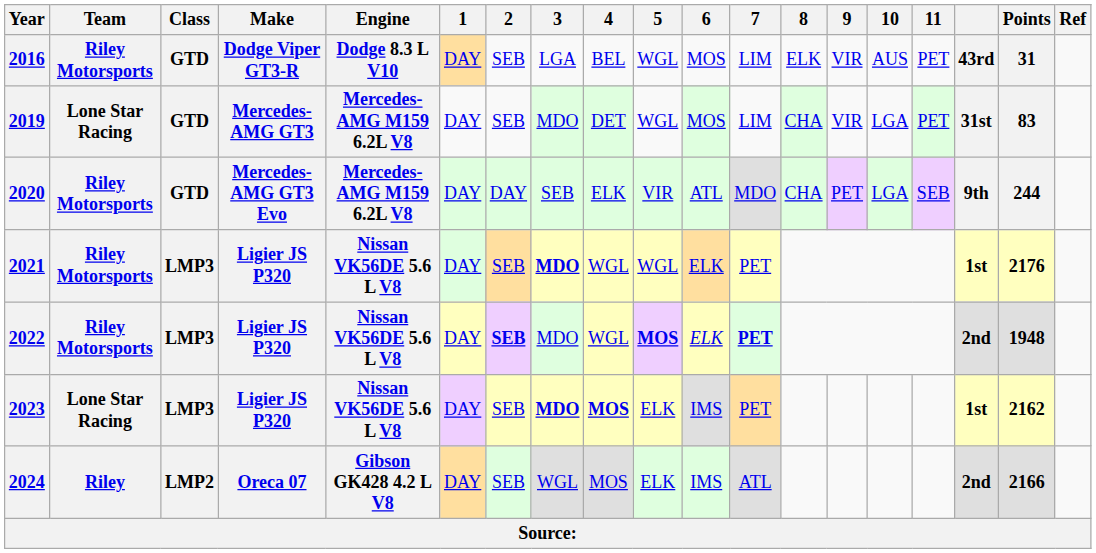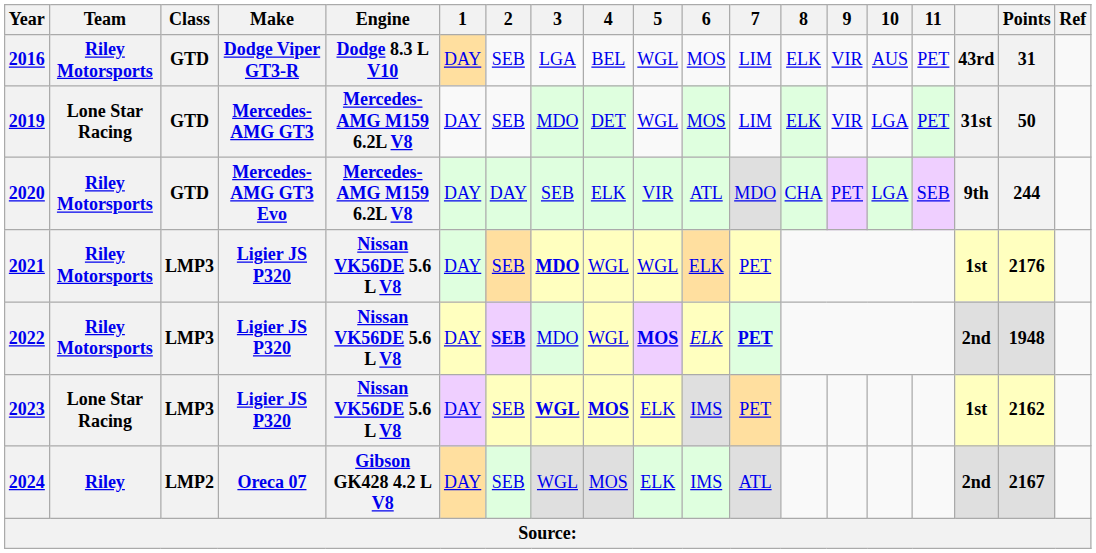 <table class="wikitable" style="text-align:center; font-size:90%">
 <tr>
 <th>Year</th>
 <th>Team</th>
 <th>Class</th>
 <th>Make</th>
 <th>Engine</th>
 <th>1</th>
 <th>2</th>
 <th>3</th>
 <th>4</th>
 <th>5</th>
 <th>6</th>
 <th>7</th>
 <th>8</th>
 <th>9</th>
 <th>10</th>
 <th>11</th>
 <th></th>
 <th>Points</th>
 <th>Ref</th>
 </tr>
 <tr>
 <th><a href='#'>2016</a></th>
 <th><a href='#'>Riley Motorsports</a></th>
 <th>GTD</th>
 <th><a href='#'>Dodge Viper GT3-R</a></th>
 <th><a href='#'>Dodge</a> 8.3 L <a href='#'>V10</a></th>
 <td style="background:#FFDF9F;"><a href='#'>DAY</a><br></td>
 <td style="background:#;"><a href='#'>SEB</a><br></td>
 <td style="background:#;"><a href='#'>LGA</a><br></td>
 <td style="background:#;"><a href='#'>BEL</a><br></td>
 <td style="background:#;"><a href='#'>WGL</a><br></td>
 <td style="background:#;"><a href='#'>MOS</a><br></td>
 <td style="background:#;"><a href='#'>LIM</a><br></td>
 <td style="background:#;"><a href='#'>ELK</a><br></td>
 <td style="background:#;"><a href='#'>VIR</a><br></td>
 <td style="background:#;"><a href='#'>AUS</a><br></td>
 <td style="background:#;"><a href='#'>PET</a><br></td>
 <th>43rd</th>
 <th>31</th>
 <td></td>
 </tr>
 <tr>
 <th><a href='#'>2019</a></th>
 <th>Lone Star Racing</th>
 <th>GTD</th>
 <th><a href='#'>Mercedes-AMG GT3</a></th>
 <th><a href='#'>Mercedes-AMG M159</a> 6.2L <a href='#'>V8</a></th>
 <td><a href='#'>DAY</a></td>
 <td><a href='#'>SEB</a></td>
 <td style="background:#DFFFDF;"><a href='#'>MDO</a><br></td>
 <td style="background:#DFFFDF;"><a href='#'>DET</a><br></td>
 <td><a href='#'>WGL</a></td>
 <td style="background:#DFFFDF;"><a href='#'>MOS</a><br></td>
 <td><a href='#'>LIM</a></td>
-<td style="background:#DFFFDF;"><a href='#'>CHA</a><br></td>
+<td style="background:#DFFFDF;"><a href='#'>ELK</a><br></td>
 <td><a href='#'>VIR</a></td>
 <td><a href='#'>LGA</a></td>
 <td style="background:#DFFFDF;"><a href='#'>PET</a><br></td>
 <th>31st</th>
-<th>83</th>
+<th>50</th>
 <td></td>
 </tr>
 <tr>
 <th><a href='#'>2020</a></th>
 <th><a href='#'>Riley Motorsports</a></th>
 <th>GTD</th>
 <th><a href='#'>Mercedes-AMG GT3 Evo</a></th>
 <th><a href='#'>Mercedes-AMG M159</a> 6.2L <a href='#'>V8</a></th>
 <td style="background:#DFFFDF;"><a href='#'>DAY</a><br></td>
 <td style="background:#DFFFDF;"><a href='#'>DAY</a><br></td>
 <td style="background:#DFFFDF;"><a href='#'>SEB</a><br></td>
 <td style="background:#DFFFDF;"><a href='#'>ELK</a><br></td>
 <td style="background:#DFFFDF;"><a href='#'>VIR</a><br></td>
 <td style="background:#DFFFDF;"><a href='#'>ATL</a><br></td>
 <td style="background:#DFDFDF;"><a href='#'>MDO</a><br></td>
 <td style="background:#DFFFDF;"><a href='#'>CHA</a><br></td>
 <td style="background:#EFCFFF;"><a href='#'>PET</a><br></td>
 <td style="background:#DFFFDF;"><a href='#'>LGA</a><br></td>
 <td style="background:#EFCFFF;"><a href='#'>SEB</a><br></td>
 <th>9th</th>
 <th>244</th>
 <td></td>
 </tr>
 <tr>
 <th><a href='#'>2021</a></th>
 <th><a href='#'>Riley Motorsports</a></th>
 <th>LMP3</th>
 <th><a href='#'>Ligier JS P320</a></th>
 <th><a href='#'>Nissan VK56DE</a> 5.6 L <a href='#'>V8</a></th>
 <td style="background:#DFFFDF;"><a href='#'>DAY</a><br></td>
 <td style="background:#FFDF9F;"><a href='#'>SEB</a><br></td>
 <td style="background:#FFFFBF;"><strong><a href='#'>MDO</a></strong><br></td>
 <td style="background:#FFFFBF;"><a href='#'>WGL</a><br></td>
 <td style="background:#FFFFBF;"><a href='#'>WGL</a><br></td>
 <td style="background:#FFDF9F;"><a href='#'>ELK</a><br></td>
 <td style="background:#FFFFBF;"><a href='#'>PET</a><br></td>
 <td colspan=4></td>
 <th style="background:#FFFFBF;">1st</th>
 <th style="background:#FFFFBF;">2176</th>
 <td></td>
 </tr>
 <tr>
 <th><a href='#'>2022</a></th>
 <th><a href='#'>Riley Motorsports</a></th>
 <th>LMP3</th>
 <th><a href='#'>Ligier JS P320</a></th>
 <th><a href='#'>Nissan VK56DE</a> 5.6 L <a href='#'>V8</a></th>
 <td style="background:#FFFFBF;"><a href='#'>DAY</a><br></td>
 <td style="background:#EFCFFF;"><strong><a href='#'>SEB</a></strong><br></td>
 <td style="background:#DFFFDF;"><a href='#'>MDO</a><br></td>
 <td style="background:#FFFFBF;"><a href='#'>WGL</a><br></td>
 <td style="background:#EFCFFF;"><strong><a href='#'>MOS</a></strong><br></td>
 <td style="background:#FFFFBF;"><em><a href='#'>ELK</a></em><br></td>
 <td style="background:#DFFFDF;"><strong><a href='#'>PET</a></strong><br></td>
 <td colspan=4></td>
 <th style="background:#DFDFDF;”">2nd</th>
 <th style="background:#DFDFDF;”">1948</th>
 <td></td>
 </tr>
 <tr>
 <th><a href='#'>2023</a></th>
 <th>Lone Star Racing</th>
 <th>LMP3</th>
 <th><a href='#'>Ligier JS P320</a></th>
 <th><a href='#'>Nissan VK56DE</a> 5.6 L <a href='#'>V8</a></th>
 <td style="background:#EFCFFF;"><a href='#'>DAY</a><br></td>
 <td style="background:#ffffbf;"><a href='#'>SEB</a><br></td>
-<td style="background:#FFFFBF;"><strong><a href='#'>MDO</a></strong><br></td>
+<td style="background:#ffffbf;"><strong><a href='#'>WGL</a></strong><br></td>
 <td style="background:#ffffbf;"><strong><a href='#'>MOS</a></strong><br></td>
 <td style="background:#ffffbf;"><a href='#'>ELK</a><br></td>
 <td style="background:#DFDFDF;”"><a href='#'>IMS</a><br></td>
 <td style="background:#FFDF9F;”"><a href='#'>PET</a><br></td>
 <td></td>
 <td></td>
 <td></td>
 <td></td>
 <th style="background:#FFFFBF;”">1st</th>
 <th style="background:#FFFFBF;”">2162</th>
 <td></td>
 </tr>
 <tr>
 <th><a href='#'>2024</a></th>
 <th><a href='#'>Riley</a></th>
 <th>LMP2</th>
 <th><a href='#'>Oreca 07</a></th>
 <th><a href='#'>Gibson</a> GK428 4.2 L <a href='#'>V8</a></th>
 <td style="background:#FFDF9F;”"><a href='#'>DAY</a><br></td>
 <td style="background:#DFFFDF;"><a href='#'>SEB</a><br></td>
 <td style="background:#DFDFDF;”"><a href='#'>WGL</a><br></td>
 <td style="background:#DFDFDF;”"><a href='#'>MOS</a><br></td>
 <td style="background:#DFFFDF;"><a href='#'>ELK</a><br></td>
 <td style="background:#DFFFDF;"><a href='#'>IMS</a><br></td>
 <td style="background:#DFDFDF;”"><a href='#'>ATL</a><br></td>
 <td></td>
 <td></td>
 <td></td>
 <td></td>
 <th style="background:#DFDFDF;”">2nd</th>
-<th style="background:#DFDFDF;”">2166</th>
+<th style="background:#DFDFDF;”">2167</th>
 <td></td>
 </tr>
 <tr>
 <th colspan="19">Source:</th>
 </tr>
 </table>
